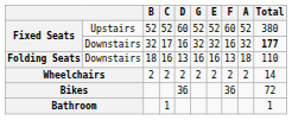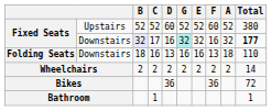 <table class="wikitable" style="font-size:85%;text-align:center;">
 <tr>
 <th colspan=2></th>
 <th>B</th>
 <th>C</th>
 <th>D</th>
 <th>G</th>
 <th>E</th>
 <th>F</th>
 <th>A</th>
 <th>Total</th>
 </tr>
 <tr>
 <th rowspan=2>Fixed Seats</th>
 <td>Upstairs</td>
 <td>52</td>
 <td>52</td>
 <td>60</td>
 <td>52</td>
 <td>52</td>
 <td>60</td>
 <td>52</td>
 <td>380</td>
 </tr>
 <tr>
 <td>Downstairs</td>
-<td>32</td>
+<td style="background: lavender;">32</td>
 <td>17</td>
 <td>16</td>
-<td>32</td>
+<td style="background: paleturquoise;">32</td>
 <td>32</td>
 <td>16</td>
 <td>32</td>
 <td><strong>177</strong></td>
 </tr>
 <tr>
 <th>Folding Seats</th>
 <td>Downstairs</td>
 <td>18</td>
 <td>16</td>
 <td>13</td>
 <td>16</td>
 <td>16</td>
 <td>13</td>
 <td>18</td>
 <td>110</td>
 </tr>
 <tr>
 <th colspan=2>Wheelchairs</th>
 <td>2</td>
 <td>2</td>
 <td>2</td>
 <td>2</td>
 <td>2</td>
 <td>2</td>
 <td>2</td>
 <td>14</td>
 </tr>
 <tr>
 <th colspan=2>Bikes</th>
 <td></td>
 <td></td>
 <td>36</td>
 <td></td>
 <td></td>
 <td>36</td>
 <td></td>
 <td>72</td>
 </tr>
 <tr>
 <th colspan=2>Bathroom</th>
 <td></td>
 <td>1</td>
 <td></td>
 <td></td>
 <td></td>
 <td></td>
 <td></td>
 <td>1</td>
 </tr>
 </table>
